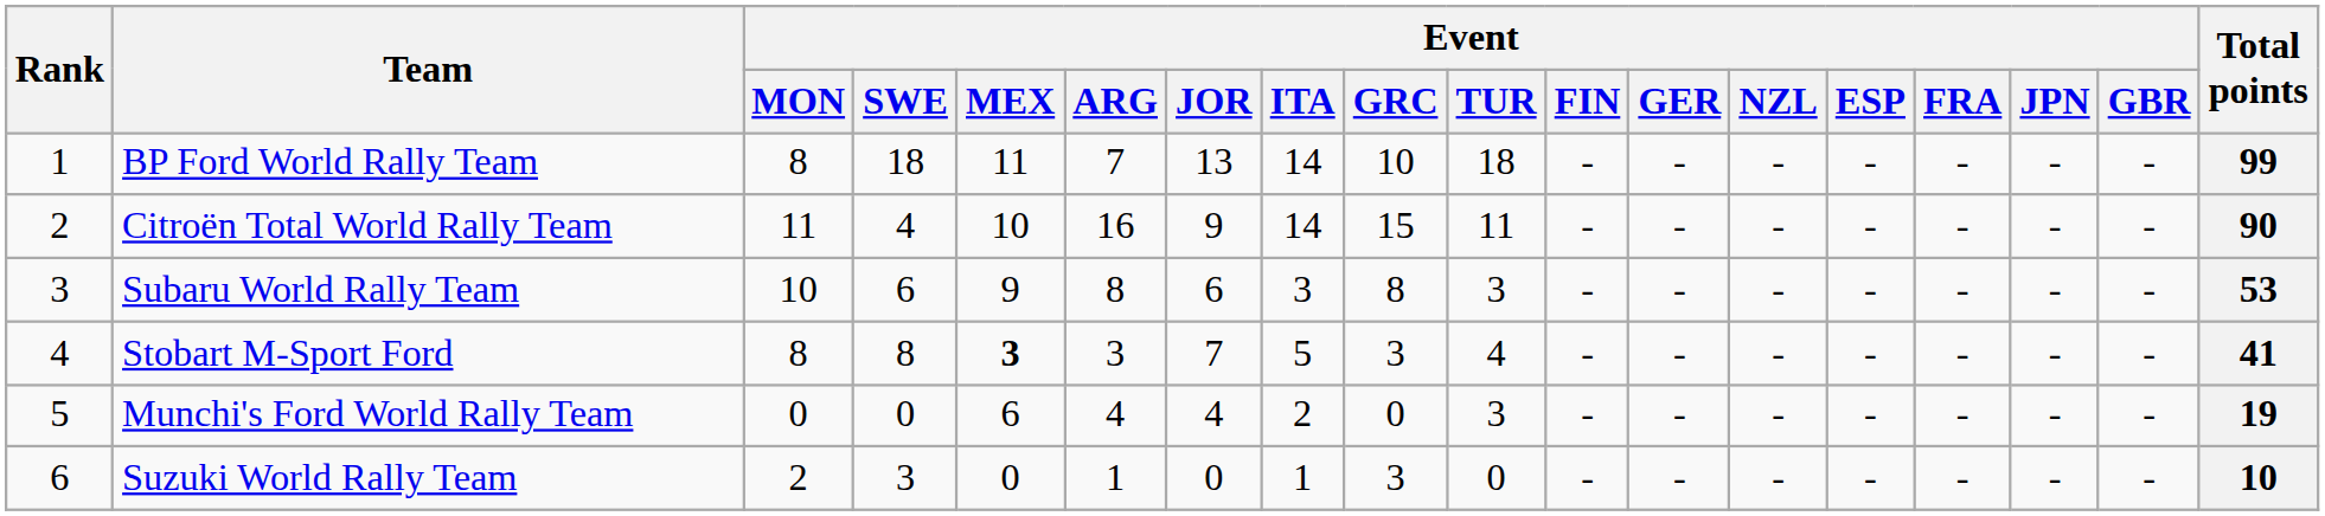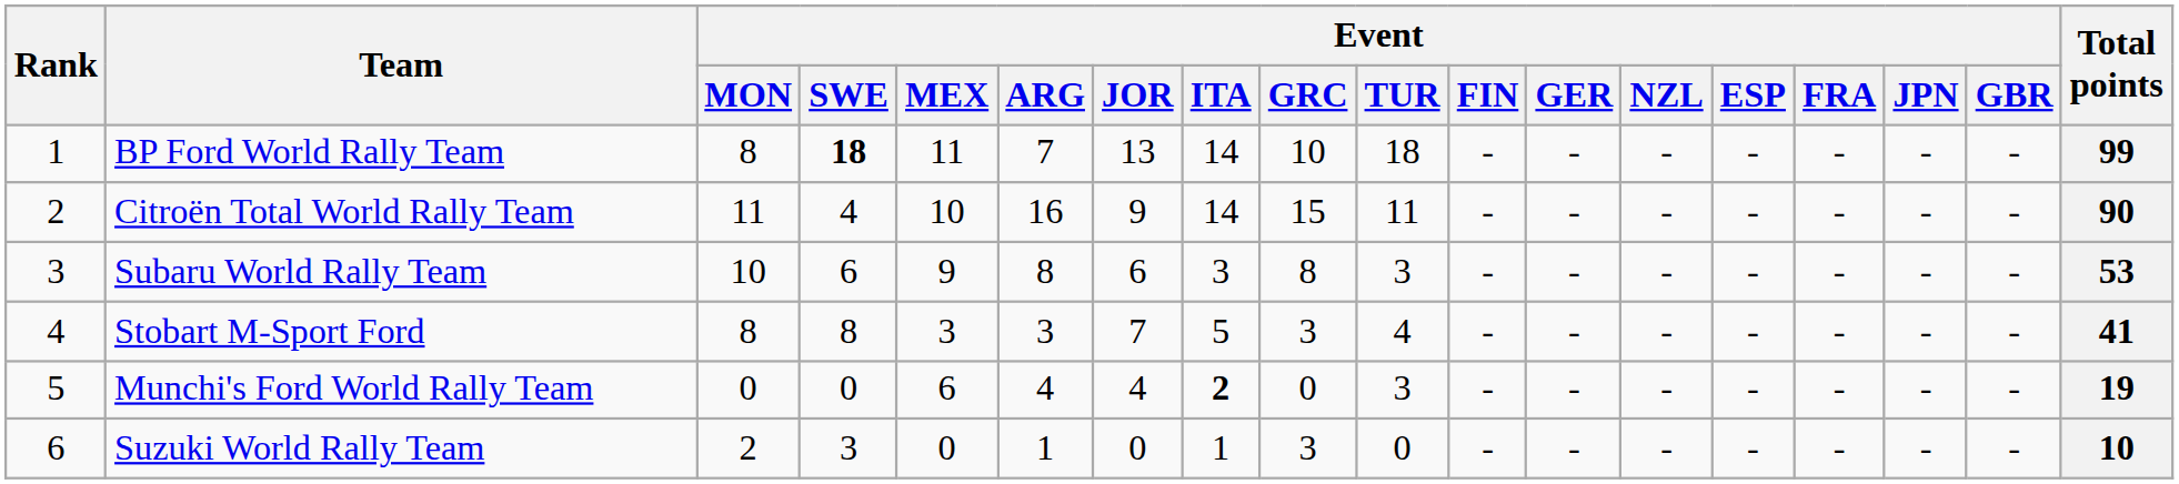 <table class="wikitable" style="text-align:center; font-size:90%;">
 <tr>
 <th rowspan=2>Rank</th>
 <th rowspan=2 style="width:16em">Team</th>
 <th colspan=15>Event</th>
 <th rowspan=2>Total<br>points</th>
 </tr>
 <tr valign="top">
 <th><a href='#'>MON</a><br></th>
 <th><a href='#'>SWE</a><br></th>
 <th><a href='#'>MEX</a><br></th>
 <th><a href='#'>ARG</a><br></th>
 <th><a href='#'>JOR</a><br></th>
 <th><a href='#'>ITA</a><br></th>
 <th><a href='#'>GRC</a><br></th>
 <th><a href='#'>TUR</a><br></th>
 <th><a href='#'>FIN</a><br></th>
 <th><a href='#'>GER</a><br></th>
 <th><a href='#'>NZL</a><br></th>
 <th><a href='#'>ESP</a><br></th>
 <th><a href='#'>FRA</a><br></th>
 <th><a href='#'>JPN</a><br></th>
 <th><a href='#'>GBR</a><br></th>
 </tr>
 <tr>
 <td>1</td>
 <td align="left"> <a href='#'>BP Ford World Rally Team</a></td>
 <td>8</td>
-<td>18</td>
+<td><strong>18</strong></td>
 <td>11</td>
 <td>7</td>
 <td>13</td>
 <td>14</td>
 <td>10</td>
 <td>18</td>
 <td>-</td>
 <td>-</td>
 <td>-</td>
 <td>-</td>
 <td>-</td>
 <td>-</td>
 <td>-</td>
 <th>99</th>
 </tr>
 <tr>
 <td>2</td>
 <td align="left"> <a href='#'>Citroën Total World Rally Team</a></td>
 <td>11</td>
 <td>4</td>
 <td>10</td>
 <td>16</td>
 <td>9</td>
 <td>14</td>
 <td>15</td>
 <td>11</td>
 <td>-</td>
 <td>-</td>
 <td>-</td>
 <td>-</td>
 <td>-</td>
 <td>-</td>
 <td>-</td>
 <th>90</th>
 </tr>
 <tr>
 <td>3</td>
 <td align="left"> <a href='#'>Subaru World Rally Team</a></td>
 <td>10</td>
 <td>6</td>
 <td>9</td>
 <td>8</td>
 <td>6</td>
 <td>3</td>
 <td>8</td>
 <td>3</td>
 <td>-</td>
 <td>-</td>
 <td>-</td>
 <td>-</td>
 <td>-</td>
 <td>-</td>
 <td>-</td>
 <th>53</th>
 </tr>
 <tr>
 <td>4</td>
 <td align="left"> <a href='#'>Stobart M-Sport Ford</a></td>
 <td>8</td>
 <td>8</td>
-<td><strong>3</strong></td>
+<td>3</td>
 <td>3</td>
 <td>7</td>
 <td>5</td>
 <td>3</td>
 <td>4</td>
 <td>-</td>
 <td>-</td>
 <td>-</td>
 <td>-</td>
 <td>-</td>
 <td>-</td>
 <td>-</td>
 <th>41</th>
 </tr>
 <tr>
 <td>5</td>
 <td align="left"> <a href='#'>Munchi's Ford World Rally Team</a></td>
 <td>0</td>
 <td>0</td>
 <td>6</td>
 <td>4</td>
 <td>4</td>
-<td>2</td>
+<td><strong>2</strong></td>
 <td>0</td>
 <td>3</td>
 <td>-</td>
 <td>-</td>
 <td>-</td>
 <td>-</td>
 <td>-</td>
 <td>-</td>
 <td>-</td>
 <th>19</th>
 </tr>
 <tr>
 <td>6</td>
 <td align="left"> <a href='#'>Suzuki World Rally Team</a></td>
 <td>2</td>
 <td>3</td>
 <td>0</td>
 <td>1</td>
 <td>0</td>
 <td>1</td>
 <td>3</td>
 <td>0</td>
 <td>-</td>
 <td>-</td>
 <td>-</td>
 <td>-</td>
 <td>-</td>
 <td>-</td>
 <td>-</td>
 <th>10</th>
 </tr>
 </table>
